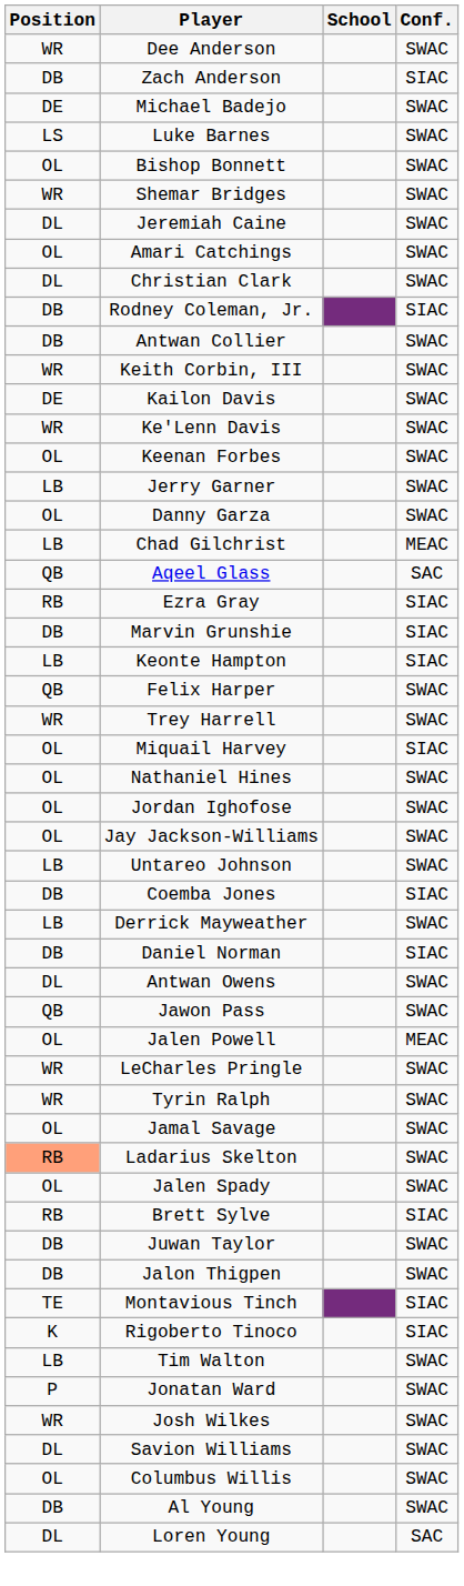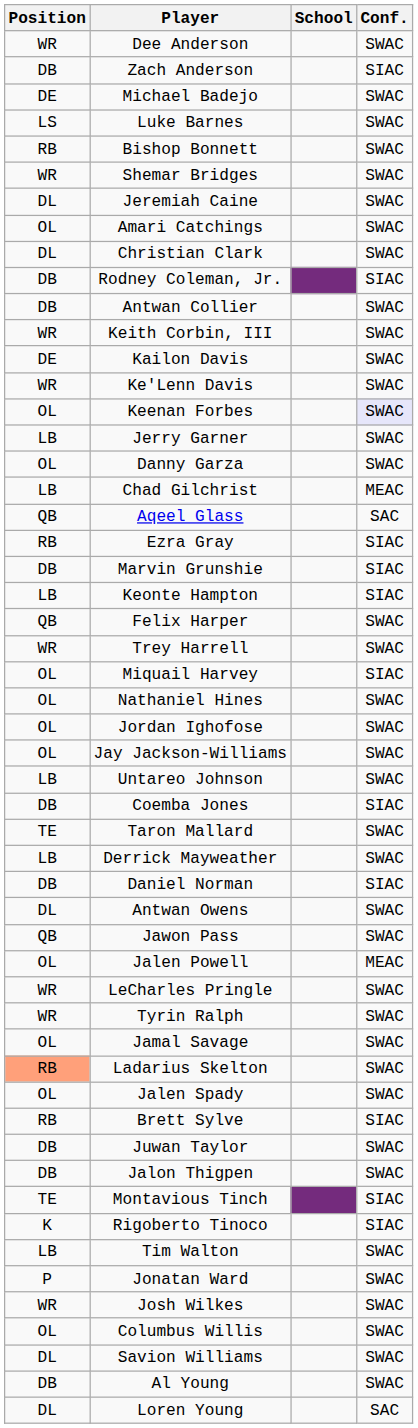 <table class="wikitable" style="text-align:center">
 <tr>
 <th>Position</th>
 <th>Player</th>
 <th>School</th>
 <th>Conf.</th>
 </tr>
 <tr>
 <td>WR</td>
 <td>Dee Anderson</td>
 <td></td>
 <td>SWAC</td>
 </tr>
 <tr>
 <td>DB</td>
 <td>Zach Anderson</td>
 <td></td>
 <td>SIAC</td>
 </tr>
 <tr>
 <td>DE</td>
 <td>Michael Badejo</td>
 <td></td>
 <td>SWAC</td>
 </tr>
 <tr>
 <td>LS</td>
 <td>Luke Barnes</td>
 <td></td>
 <td>SWAC</td>
 </tr>
 <tr>
-<td>OL</td>
+<td>RB</td>
 <td>Bishop Bonnett</td>
 <td></td>
 <td>SWAC</td>
 </tr>
 <tr>
 <td>WR</td>
 <td>Shemar Bridges</td>
 <td></td>
 <td>SWAC</td>
 </tr>
 <tr>
 <td>DL</td>
 <td>Jeremiah Caine</td>
 <td></td>
 <td>SWAC</td>
 </tr>
 <tr>
 <td>OL</td>
 <td>Amari Catchings</td>
 <td></td>
 <td>SWAC</td>
 </tr>
 <tr>
 <td>DL</td>
 <td>Christian Clark</td>
 <td></td>
 <td>SWAC</td>
 </tr>
 <tr>
 <td>DB</td>
 <td>Rodney Coleman, Jr.</td>
 <td style="background:#742b7d"></td>
 <td>SIAC</td>
 </tr>
 <tr>
 <td>DB</td>
 <td>Antwan Collier</td>
 <td></td>
 <td>SWAC</td>
 </tr>
 <tr>
 <td>WR</td>
 <td>Keith Corbin, III</td>
 <td></td>
 <td>SWAC</td>
 </tr>
 <tr>
 <td>DE</td>
 <td>Kailon Davis</td>
 <td></td>
 <td>SWAC</td>
 </tr>
 <tr>
 <td>WR</td>
 <td>Ke'Lenn Davis</td>
 <td></td>
 <td>SWAC</td>
 </tr>
 <tr>
 <td>OL</td>
 <td>Keenan Forbes</td>
 <td></td>
-<td>SWAC</td>
+<td style="background: lavender;">SWAC</td>
 </tr>
 <tr>
 <td>LB</td>
 <td>Jerry Garner</td>
 <td></td>
 <td>SWAC</td>
 </tr>
 <tr>
 <td>OL</td>
 <td>Danny Garza</td>
 <td></td>
 <td>SWAC</td>
 </tr>
 <tr>
 <td>LB</td>
 <td>Chad Gilchrist</td>
 <td></td>
 <td>MEAC</td>
 </tr>
 <tr>
 <td>QB</td>
 <td><a href='#'>Aqeel Glass</a></td>
 <td></td>
 <td>SAC</td>
 </tr>
 <tr>
 <td>RB</td>
 <td>Ezra Gray</td>
 <td></td>
 <td>SIAC</td>
 </tr>
 <tr>
 <td>DB</td>
 <td>Marvin Grunshie</td>
 <td></td>
 <td>SIAC</td>
 </tr>
 <tr>
 <td>LB</td>
 <td>Keonte Hampton</td>
 <td></td>
 <td>SIAC</td>
 </tr>
 <tr>
 <td>QB</td>
 <td>Felix Harper</td>
 <td></td>
 <td>SWAC</td>
 </tr>
 <tr>
 <td>WR</td>
 <td>Trey Harrell</td>
 <td></td>
 <td>SWAC</td>
 </tr>
 <tr>
 <td>OL</td>
 <td>Miquail Harvey</td>
 <td></td>
 <td>SIAC</td>
 </tr>
 <tr>
 <td>OL</td>
 <td>Nathaniel Hines</td>
 <td></td>
 <td>SWAC</td>
 </tr>
 <tr>
 <td>OL</td>
 <td>Jordan Ighofose</td>
 <td></td>
 <td>SWAC</td>
 </tr>
 <tr>
 <td>OL</td>
 <td>Jay Jackson-Williams</td>
 <td></td>
 <td>SWAC</td>
 </tr>
 <tr>
 <td>LB</td>
 <td>Untareo Johnson</td>
 <td></td>
 <td>SWAC</td>
 </tr>
 <tr>
 <td>DB</td>
 <td>Coemba Jones</td>
 <td></td>
 <td>SIAC</td>
+</tr>
+<tr>
+<td>TE</td>
+<td>Taron Mallard</td>
+<td></td>
+<td>SWAC</td>
 </tr>
 <tr>
 <td>LB</td>
 <td>Derrick Mayweather</td>
 <td></td>
 <td>SWAC</td>
 </tr>
 <tr>
 <td>DB</td>
 <td>Daniel Norman</td>
 <td></td>
 <td>SIAC</td>
 </tr>
 <tr>
 <td>DL</td>
 <td>Antwan Owens</td>
 <td></td>
 <td>SWAC</td>
 </tr>
 <tr>
 <td>QB</td>
 <td>Jawon Pass</td>
 <td></td>
 <td>SWAC</td>
 </tr>
 <tr>
 <td>OL</td>
 <td>Jalen Powell</td>
 <td></td>
 <td>MEAC</td>
 </tr>
 <tr>
 <td>WR</td>
 <td>LeCharles Pringle</td>
 <td></td>
 <td>SWAC</td>
 </tr>
 <tr>
 <td>WR</td>
 <td>Tyrin Ralph</td>
 <td></td>
 <td>SWAC</td>
 </tr>
 <tr>
 <td>OL</td>
 <td>Jamal Savage</td>
 <td></td>
 <td>SWAC</td>
 </tr>
 <tr>
 <td style="background: lightsalmon;">RB</td>
 <td>Ladarius Skelton</td>
 <td></td>
 <td>SWAC</td>
 </tr>
 <tr>
 <td>OL</td>
 <td>Jalen Spady</td>
 <td></td>
 <td>SWAC</td>
 </tr>
 <tr>
 <td>RB</td>
 <td>Brett Sylve</td>
 <td></td>
 <td>SIAC</td>
 </tr>
 <tr>
 <td>DB</td>
 <td>Juwan Taylor</td>
 <td></td>
 <td>SWAC</td>
 </tr>
 <tr>
 <td>DB</td>
 <td>Jalon Thigpen</td>
 <td></td>
 <td>SWAC</td>
 </tr>
 <tr>
 <td>TE</td>
 <td>Montavious Tinch</td>
 <td style="background:#742b7d"></td>
 <td>SIAC</td>
 </tr>
 <tr>
 <td>K</td>
 <td>Rigoberto Tinoco</td>
 <td></td>
 <td>SIAC</td>
 </tr>
 <tr>
 <td>LB</td>
 <td>Tim Walton</td>
 <td></td>
 <td>SWAC</td>
 </tr>
 <tr>
 <td>P</td>
 <td>Jonatan Ward</td>
 <td></td>
 <td>SWAC</td>
 </tr>
 <tr>
 <td>WR</td>
 <td>Josh Wilkes</td>
 <td></td>
 <td>SWAC</td>
 </tr>
 <tr>
-<td>DL</td>
-<td>Savion Williams</td>
+<td>OL</td>
+<td>Columbus Willis</td>
 <td></td>
 <td>SWAC</td>
 </tr>
 <tr>
-<td>OL</td>
-<td>Columbus Willis</td>
+<td>DL</td>
+<td>Savion Williams</td>
 <td></td>
 <td>SWAC</td>
 </tr>
 <tr>
 <td>DB</td>
 <td>Al Young</td>
 <td></td>
 <td>SWAC</td>
 </tr>
 <tr>
 <td>DL</td>
 <td>Loren Young</td>
 <td></td>
 <td>SAC</td>
 </tr>
 </table>
